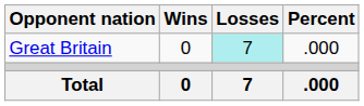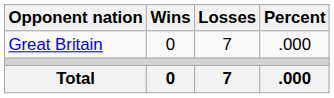 <table class=wikitable>
 <tr>
 <th>Opponent nation</th>
 <th>Wins</th>
 <th>Losses</th>
 <th>Percent</th>
 </tr>
 <tr align=center>
 <td align=left><a href='#'>Great Britain</a></td>
 <td>0</td>
-<td style="background: paleturquoise;">7</td>
+<td>7</td>
 <td>.000</td>
 </tr>
 <tr>
 <td colspan=4 bgcolor=lightgray></td>
 </tr>
 <tr>
 <th>Total</th>
 <th>0</th>
 <th>7</th>
 <th>.000</th>
 </tr>
 </table>
